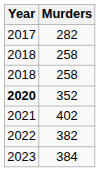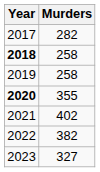 <table class="wikitable">
 <tr>
 <th>Year</th>
 <th>Murders</th>
 </tr>
 <tr>
 <td>2017</td>
 <td align=center>282</td>
 </tr>
 <tr>
-<td>2018</td>
+<td><strong>2018</strong></td>
 <td align=center>258</td>
 </tr>
 <tr>
-<td>2018</td>
+<td>2019</td>
 <td align=center>258</td>
 </tr>
 <tr>
 <td><strong>2020</strong></td>
-<td align=center>352</td>
+<td align=center>355</td>
 </tr>
 <tr>
 <td>2021</td>
 <td align=center>402</td>
 </tr>
 <tr>
 <td>2022</td>
 <td align=center>382</td>
 </tr>
 <tr>
 <td>2023</td>
-<td align=center>384</td>
+<td align=center>327</td>
 </tr>
 </table>
